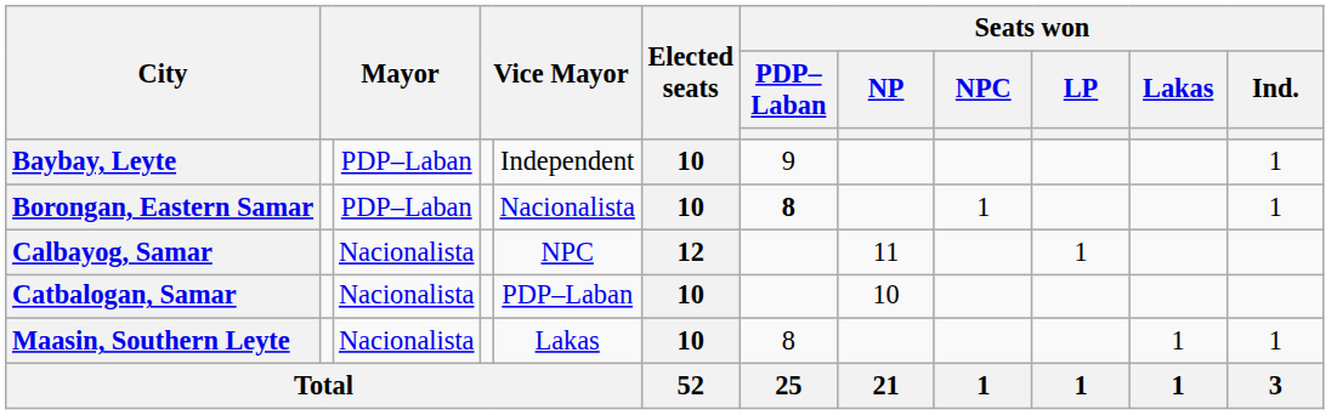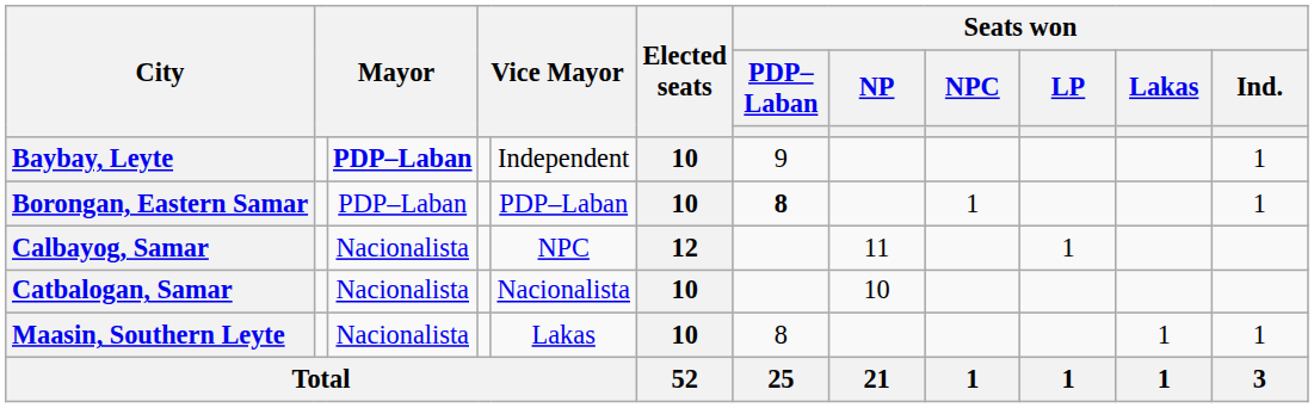 <table class="wikitable" style="text-align:center; font-size: 0.9em;">
 <tr>
 <th rowspan="3">City</th>
 <th colspan="2" rowspan="3" style="width:60px;">Mayor</th>
 <th colspan="2" rowspan="3" style="width:60px;">Vice Mayor</th>
 <th rowspan="3">Elected<br>seats</th>
 <th colspan="6">Seats won</th>
 </tr>
 <tr>
 <th class="unsortable" style="width:45px;"><a href='#'>PDP–Laban</a></th>
 <th class="unsortable" style="width:45px;"><a href='#'>NP</a></th>
 <th class="unsortable" style="width:45px;"><a href='#'>NPC</a></th>
 <th class="unsortable" style="width:45px;"><a href='#'>LP</a></th>
 <th class="unsortable" style="width:45px;"><a href='#'>Lakas</a></th>
 <th class="unsortable" style="width:45px;">Ind.</th>
 </tr>
 <tr>
 <th style="color:inherit;background:"></th>
 <th style="color:inherit;background:"></th>
 <th style="color:inherit;background:"></th>
 <th style="color:inherit;background:"></th>
 <th style="color:inherit;background:"></th>
 <th style="color:inherit;background:"></th>
 </tr>
 <tr>
 <th style="text-align: left;"><a href='#'>Baybay, Leyte</a></th>
 <td style="color:inherit;background:"></td>
-<td><a href='#'>PDP–Laban</a></td>
+<td><strong><a href='#'>PDP–Laban</a></strong></td>
 <td style="color:inherit;background:"></td>
 <td>Independent</td>
 <th>10</th>
 <td>9</td>
 <td></td>
 <td></td>
 <td></td>
 <td></td>
 <td>1</td>
 </tr>
 <tr>
 <th style="text-align: left;"><a href='#'>Borongan, Eastern Samar</a></th>
 <td style="color:inherit;background:"></td>
 <td><a href='#'>PDP–Laban</a></td>
 <td style="color:inherit;background:"></td>
-<td><a href='#'>Nacionalista</a></td>
+<td><a href='#'>PDP–Laban</a></td>
 <th>10</th>
 <td><strong>8</strong></td>
 <td></td>
 <td>1</td>
 <td></td>
 <td></td>
 <td>1</td>
 </tr>
 <tr>
 <th style="text-align: left;"><a href='#'>Calbayog, Samar</a></th>
 <td style="color:inherit;background:"></td>
 <td><a href='#'>Nacionalista</a></td>
 <td style="color:inherit;background:"></td>
 <td><a href='#'>NPC</a></td>
 <th>12</th>
 <td></td>
 <td>11</td>
 <td></td>
 <td>1</td>
 <td></td>
 <td></td>
 </tr>
 <tr>
 <th style="text-align: left;"><a href='#'>Catbalogan, Samar</a></th>
 <td style="color:inherit;background:"></td>
 <td><a href='#'>Nacionalista</a></td>
 <td style="color:inherit;background:"></td>
-<td><a href='#'>PDP–Laban</a></td>
+<td><a href='#'>Nacionalista</a></td>
 <th>10</th>
 <td></td>
 <td>10</td>
 <td></td>
 <td></td>
 <td></td>
 <td></td>
 </tr>
 <tr>
 <th style="text-align: left;"><a href='#'>Maasin, Southern Leyte</a></th>
 <td style="color:inherit;background:"></td>
 <td><a href='#'>Nacionalista</a></td>
 <td style="color:inherit;background:"></td>
 <td><a href='#'>Lakas</a></td>
 <th>10</th>
 <td>8</td>
 <td></td>
 <td></td>
 <td></td>
 <td>1</td>
 <td>1</td>
 </tr>
 <tr>
 <th colspan="5">Total</th>
 <th>52</th>
 <th>25</th>
 <th>21</th>
 <th>1</th>
 <th>1</th>
 <th>1</th>
 <th>3</th>
 </tr>
 </table>
